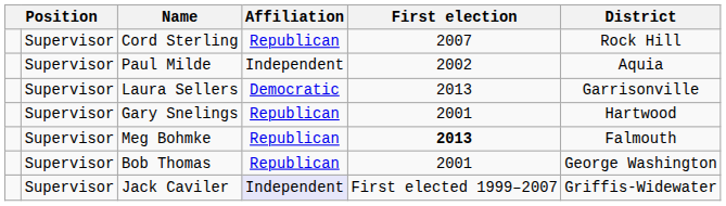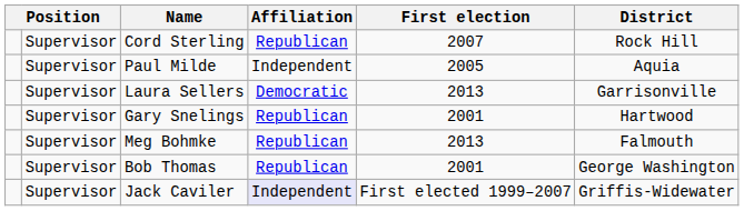 <table class=wikitable>
 <tr>
 <th colspan=2 align=center valign=bottom>Position</th>
 <th style="text-align:center;">Name</th>
 <th valign=bottom>Affiliation</th>
 <th valign=bottom align=center>First election</th>
 <th valign=bottom align=center>District</th>
 </tr>
 <tr>
 <td style="background-color:"> </td>
 <td>Supervisor</td>
 <td>Cord Sterling</td>
 <td style="text-align:center;"><a href='#'>Republican</a></td>
 <td style="text-align:center;">2007</td>
 <td style="text-align:center;">Rock Hill</td>
 </tr>
 <tr>
 <td style="background-color:"> </td>
 <td>Supervisor</td>
 <td>Paul Milde</td>
 <td style="text-align:center;">Independent</td>
-<td style="text-align:center;">2002</td>
+<td style="text-align:center;">2005</td>
 <td style="text-align:center;">Aquia</td>
 </tr>
 <tr>
 <td style="background-color:"> </td>
 <td>Supervisor</td>
 <td>Laura Sellers</td>
 <td style="text-align:center;"><a href='#'>Democratic</a></td>
 <td style="text-align:center;">2013</td>
 <td style="text-align:center;">Garrisonville</td>
 </tr>
 <tr>
 <td style="background-color:"> </td>
 <td>Supervisor</td>
 <td>Gary Snelings</td>
 <td style="text-align:center;"><a href='#'>Republican</a></td>
 <td style="text-align:center;">2001</td>
 <td style="text-align:center;">Hartwood</td>
 </tr>
 <tr>
 <td style="background-color:"> </td>
 <td>Supervisor</td>
 <td>Meg Bohmke</td>
 <td style="text-align:center;"><a href='#'>Republican</a></td>
-<td style="text-align:center;"><strong>2013</strong></td>
+<td style="text-align:center;">2013</td>
 <td style="text-align:center;">Falmouth</td>
 </tr>
 <tr>
 <td style="background-color:"> </td>
 <td>Supervisor</td>
 <td>Bob Thomas</td>
 <td style="text-align:center;"><a href='#'>Republican</a></td>
 <td style="text-align:center;">2001</td>
 <td style="text-align:center;">George Washington</td>
 </tr>
 <tr>
 <td style="background-color:"> </td>
 <td>Supervisor</td>
 <td>Jack Caviler</td>
 <td style="background: lavender; text-align:center;">Independent</td>
 <td style="text-align:center;">First elected 1999–2007</td>
 <td style="text-align:center;">Griffis-Widewater</td>
 </tr>
 </table>
